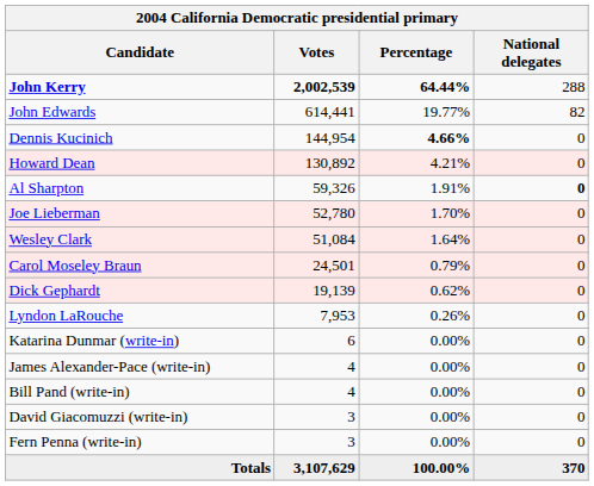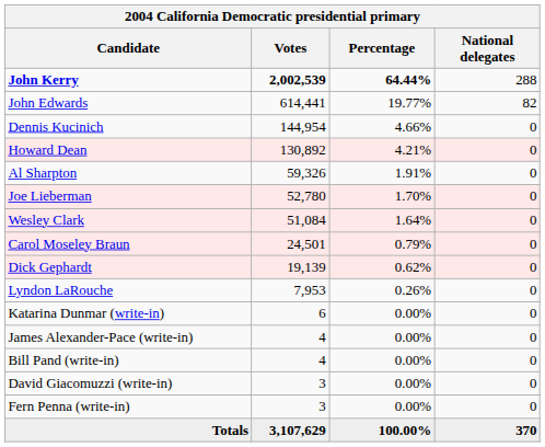 <table class="wikitable" style="font-size:95%;">
 <tr>
 <th colspan="4">2004 California Democratic presidential primary</th>
 </tr>
 <tr>
 <th style="width: 17em">Candidate</th>
 <th style="width: 5em">Votes</th>
 <th style="width: 7em">Percentage</th>
 <th style="width: 7em">National delegates</th>
 </tr>
 <tr>
 <td><strong><a href='#'>John Kerry</a></strong></td>
 <td align="right"><strong>2,002,539</strong></td>
 <td align="right"><strong>64.44%</strong></td>
 <td align="right">288</td>
 </tr>
 <tr>
 <td><a href='#'>John Edwards</a></td>
 <td align="right">614,441</td>
 <td align="right">19.77%</td>
 <td align="right">82</td>
 </tr>
 <tr>
 <td><a href='#'>Dennis Kucinich</a></td>
 <td align="right">144,954</td>
-<td align="right"><strong>4.66%</strong></td>
+<td align="right">4.66%</td>
 <td align="right">0</td>
 </tr>
 <tr bgcolor=#FFE8E8>
 <td><a href='#'>Howard Dean</a></td>
 <td align="right">130,892</td>
 <td align="right">4.21%</td>
 <td align="right">0</td>
 </tr>
 <tr>
 <td><a href='#'>Al Sharpton</a></td>
 <td align="right">59,326</td>
 <td align="right">1.91%</td>
-<td align="right"><strong>0</strong></td>
+<td align="right">0</td>
 </tr>
 <tr bgcolor=#FFE8E8>
 <td><a href='#'>Joe Lieberman</a></td>
 <td align="right">52,780</td>
 <td align="right">1.70%</td>
 <td align="right">0</td>
 </tr>
 <tr bgcolor=#FFE8E8>
 <td><a href='#'>Wesley Clark</a></td>
 <td align="right">51,084</td>
 <td align="right">1.64%</td>
 <td align="right">0</td>
 </tr>
 <tr bgcolor=#FFE8E8>
 <td><a href='#'>Carol Moseley Braun</a></td>
 <td align="right">24,501</td>
 <td align="right">0.79%</td>
 <td align="right">0</td>
 </tr>
 <tr bgcolor=#FFE8E8>
 <td><a href='#'>Dick Gephardt</a></td>
 <td align="right">19,139</td>
 <td align="right">0.62%</td>
 <td align="right">0</td>
 </tr>
 <tr>
 <td><a href='#'>Lyndon LaRouche</a></td>
 <td align="right">7,953</td>
 <td align="right">0.26%</td>
 <td align="right">0</td>
 </tr>
 <tr>
 <td>Katarina Dunmar (<a href='#'>write-in</a>)</td>
 <td align="right">6</td>
 <td align="right">0.00%</td>
 <td align="right">0</td>
 </tr>
 <tr>
 <td>James Alexander-Pace (write-in)</td>
 <td align="right">4</td>
 <td align="right">0.00%</td>
 <td align="right">0</td>
 </tr>
 <tr>
 <td>Bill Pand (write-in)</td>
 <td align="right">4</td>
 <td align="right">0.00%</td>
 <td align="right">0</td>
 </tr>
 <tr>
 <td>David Giacomuzzi (write-in)</td>
 <td align="right">3</td>
 <td align="right">0.00%</td>
 <td align="right">0</td>
 </tr>
 <tr>
 <td>Fern Penna (write-in)</td>
 <td align="right">3</td>
 <td align="right">0.00%</td>
 <td align="right">0</td>
 </tr>
 <tr bgcolor="#EEEEEE">
 <td align="right"><strong>Totals</strong></td>
 <td align="right"><strong>3,107,629</strong></td>
 <td align="right"><strong>100.00%</strong></td>
 <td align="right"><strong>370</strong></td>
 </tr>
 </table>
